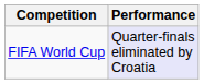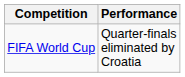 <table class="wikitable">
 <tr>
 <th>Competition</th>
 <th>Performance</th>
 </tr>
 <tr>
 <td><a href='#'>FIFA World Cup</a></td>
-<td style="background: lavender;">Quarter-finals<br>eliminated by<br> Croatia</td>
+<td>Quarter-finals<br>eliminated by<br> Croatia</td>
 </tr>
 </table>
